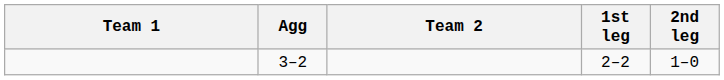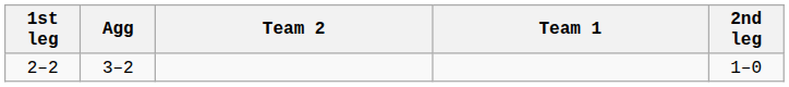 <table class=wikitable style="text-align:center">
 <tr>
-<th width=200>Team 1</th>
+<th width=50>1st leg</th>
 <th width=50>Agg</th>
 <th width=200>Team 2</th>
-<th width=50>1st leg</th>
+<th width=200>Team 1</th>
 <th width=50>2nd leg</th>
 </tr>
 <tr>
-<td align=right><strong></strong></td>
+<td>2–2</td>
 <td>3–2</td>
 <td align=left></td>
-<td>2–2</td>
+<td align=right><strong></strong></td>
 <td>1–0</td>
 </tr>
 </table>
